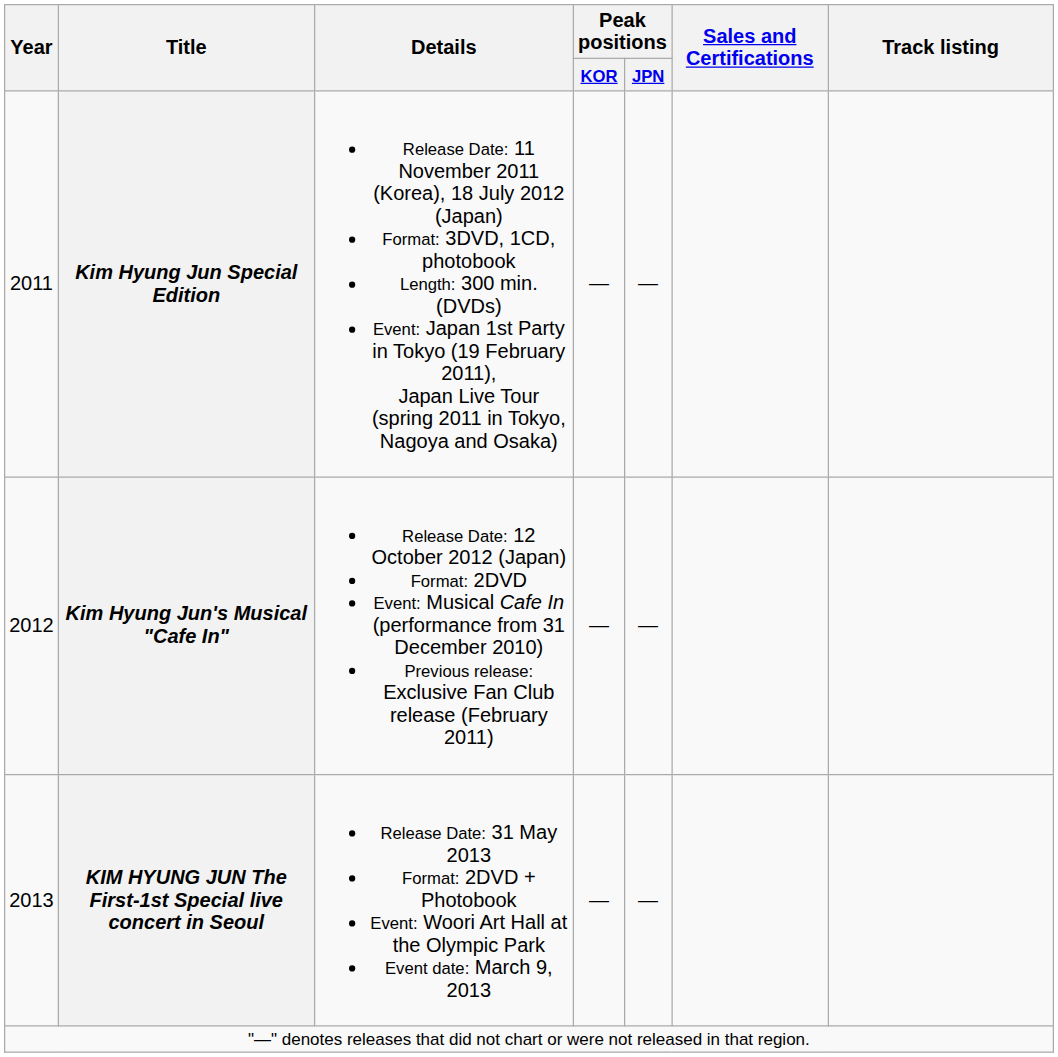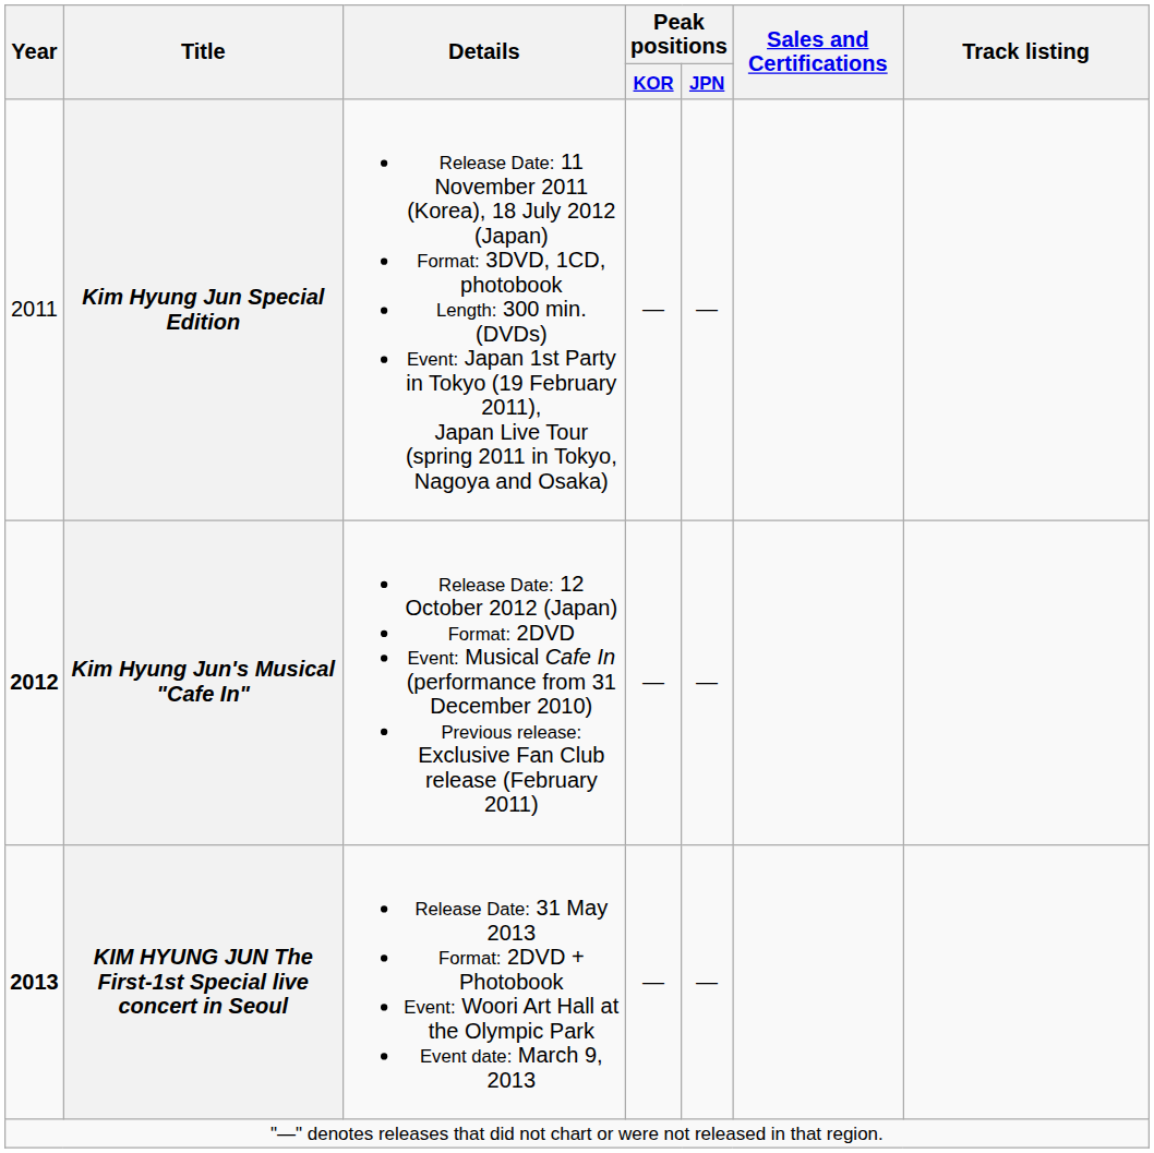 <table class="wikitable plainrowheaders" style="width:95%; text-align:center;">
 <tr>
 <th rowspan=2 width=5%>Year</th>
 <th rowspan="2" width=25%>Title</th>
 <th rowspan="2" width=25%>Details</th>
 <th colspan="2" width=8%>Peak<br>positions</th>
 <th rowspan="2" width=15%><a href='#'>Sales and Certifications</a></th>
 <th rowspan=2 width=22%>Track listing</th>
 </tr>
 <tr>
 <th style="width:2.5em;"><small><strong><a href='#'>KOR</a></strong></small><br></th>
 <th style="width:2.5em;"><small><strong><a href='#'>JPN</a></strong></small><br></th>
 </tr>
 <tr>
 <td>2011</td>
 <th scope=row><em>Kim Hyung Jun Special Edition</em></th>
 <td><br><ul><li><small>Release Date:</small> 11 November 2011 (Korea), 18 July 2012 (Japan)</li><li><small>Format:</small> 3DVD, 1CD, photobook</li><li><small>Length:</small> 300 min. (DVDs)</li><li><small>Event:</small> Japan 1st Party in Tokyo (19 February 2011),<br>Japan Live Tour (spring 2011 in Tokyo, Nagoya and Osaka)</li></ul></td>
 <td>—</td>
 <td>—</td>
 <td></td>
 <td style="font-size: 85%;"></td>
 </tr>
 <tr>
-<td>2012</td>
+<td><strong>2012</strong></td>
 <th scope=row><em>Kim Hyung Jun's Musical "Cafe In"</em></th>
 <td><br><ul><li><small>Release Date:</small> 12 October 2012 (Japan)</li><li><small>Format:</small> 2DVD</li><li><small>Event:</small> Musical <em>Cafe In</em> (performance from 31 December 2010)</li><li><small>Previous release:</small> Exclusive Fan Club release (February 2011)</li></ul></td>
 <td>—</td>
 <td>—</td>
 <td></td>
 <td style="font-size: 85%;"></td>
 </tr>
 <tr>
-<td>2013</td>
+<td><strong>2013</strong></td>
 <th scope=row><em>KIM HYUNG JUN The First-1st Special live concert in Seoul</em></th>
 <td><br><ul><li><small>Release Date:</small> 31 May 2013</li><li><small>Format:</small> 2DVD + Photobook</li><li><small>Event:</small> Woori Art Hall at the Olympic Park</li><li><small>Event date:</small> March 9, 2013</li></ul></td>
 <td>—</td>
 <td>—</td>
 <td></td>
 <td style="font-size: 85%;"></td>
 </tr>
 <tr>
 <td colspan="8" style="font-size: 85%;">"—" denotes releases that did not chart or were not released in that region.</td>
 </tr>
 </table>
